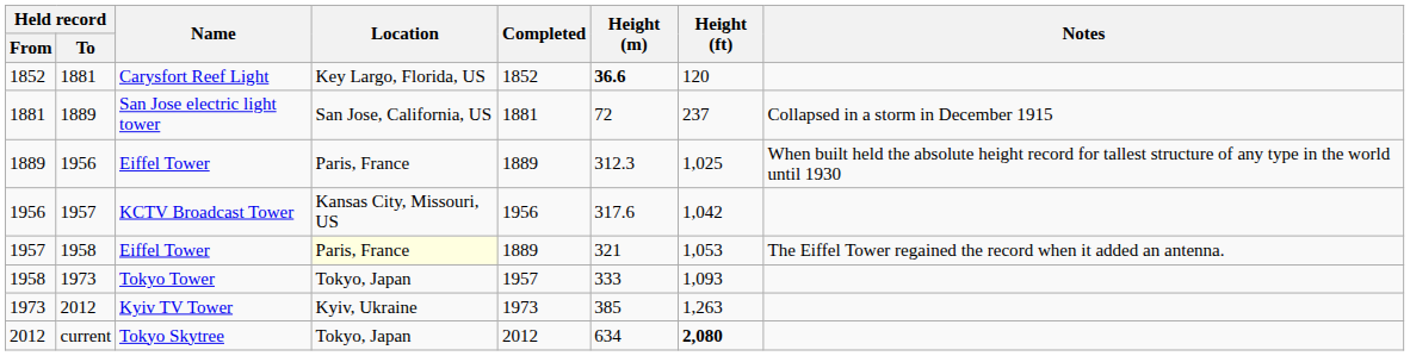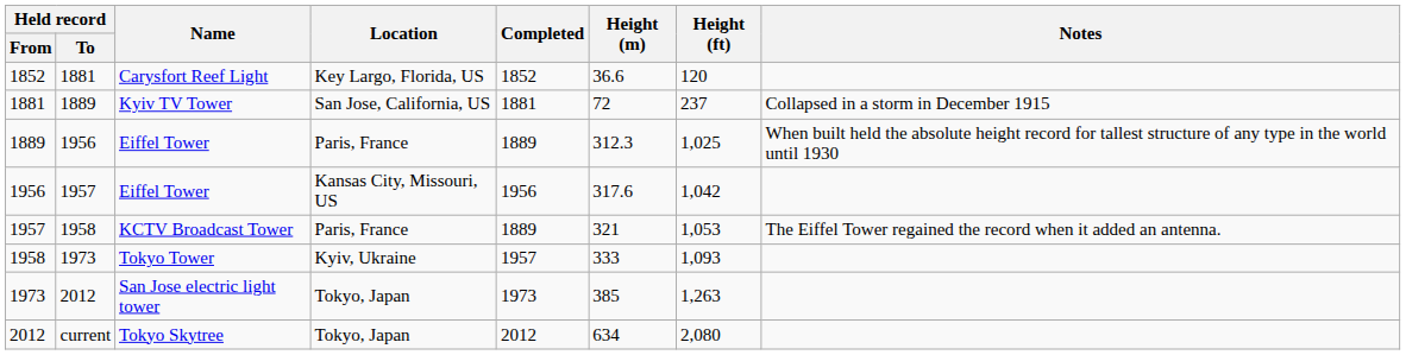 <table class="sortable wikitable">
 <tr>
 <th colspan="2">Held record</th>
 <th rowspan="2">Name</th>
 <th rowspan="2">Location</th>
 <th rowspan="2">Completed</th>
 <th rowspan="2">Height (m)</th>
 <th rowspan="2">Height (ft)</th>
 <th rowspan="2">Notes</th>
 </tr>
 <tr>
 <th>From</th>
 <th>To</th>
 </tr>
 <tr>
 <td>1852</td>
 <td>1881</td>
 <td><a href='#'>Carysfort Reef Light</a></td>
 <td>Key Largo, Florida, US</td>
 <td>1852</td>
-<td><strong>36.6</strong></td>
+<td>36.6</td>
 <td>120</td>
 <td></td>
 </tr>
 <tr>
 <td>1881</td>
 <td>1889</td>
-<td><a href='#'>San Jose electric light tower</a></td>
+<td><a href='#'>Kyiv TV Tower</a></td>
 <td>San Jose, California, US</td>
 <td>1881</td>
 <td>72</td>
 <td>237</td>
 <td>Collapsed in a storm in December 1915</td>
 </tr>
 <tr>
 <td>1889</td>
 <td>1956</td>
 <td><a href='#'>Eiffel Tower</a></td>
 <td>Paris, France</td>
 <td>1889</td>
 <td>312.3</td>
 <td>1,025</td>
 <td>When built held the absolute height record for tallest structure of any type in the world until 1930</td>
 </tr>
 <tr>
 <td>1956</td>
 <td>1957</td>
-<td><a href='#'>KCTV Broadcast Tower</a></td>
+<td><a href='#'>Eiffel Tower</a></td>
 <td>Kansas City, Missouri, US</td>
 <td>1956</td>
 <td>317.6</td>
 <td>1,042</td>
 <td></td>
 </tr>
 <tr>
 <td>1957</td>
 <td>1958</td>
-<td><a href='#'>Eiffel Tower</a></td>
-<td style="background: lightyellow;">Paris, France</td>
+<td><a href='#'>KCTV Broadcast Tower</a></td>
+<td>Paris, France</td>
 <td>1889</td>
 <td>321</td>
 <td>1,053</td>
 <td>The Eiffel Tower regained the record when it added an antenna.</td>
 </tr>
 <tr>
 <td>1958</td>
 <td>1973</td>
 <td><a href='#'>Tokyo Tower</a></td>
-<td>Tokyo, Japan</td>
+<td>Kyiv, Ukraine</td>
 <td>1957</td>
 <td>333</td>
 <td>1,093</td>
 <td></td>
 </tr>
 <tr>
 <td>1973</td>
 <td>2012</td>
-<td><a href='#'>Kyiv TV Tower</a></td>
-<td>Kyiv, Ukraine</td>
+<td><a href='#'>San Jose electric light tower</a></td>
+<td>Tokyo, Japan</td>
 <td>1973</td>
 <td>385</td>
 <td>1,263</td>
 <td></td>
 </tr>
 <tr>
 <td>2012</td>
 <td>current</td>
 <td><a href='#'>Tokyo Skytree</a></td>
 <td>Tokyo, Japan</td>
 <td>2012</td>
 <td>634</td>
-<td><strong>2,080</strong></td>
+<td>2,080</td>
 <td></td>
 </tr>
 </table>
